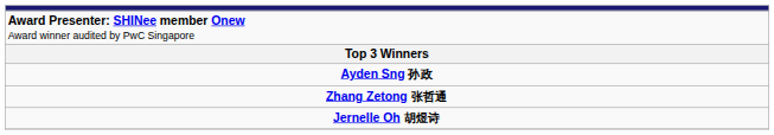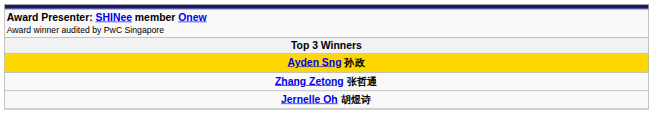 <table class="wikitable" style="width:50%">
 <tr bgcolor="#bebebe">
 <td colspan=5 data-sort-value="ω" style="background-color:#191970; font-weight:bold; text-align:center;"></td>
 </tr>
 <tr>
 <td align=left colspan=3><strong>Award Presenter: <a href='#'>SHINee</a> member <a href='#'>Onew</a></strong> <br><small> Award winner audited by PwC Singapore</small></td>
 </tr>
 <tr>
 <th width="4%">Top 3 Winners</th>
 </tr>
 <tr>
-<td align="center"><strong><a href='#'>Ayden Sng</a> 孙政</strong></td>
+<td align="center" style="background: gold;"><strong><a href='#'>Ayden Sng</a> 孙政</strong></td>
 </tr>
 <tr>
 <td align="center"><strong><a href='#'>Zhang Zetong</a> 张哲通</strong></td>
 </tr>
 <tr>
 <td align="center"><strong> <a href='#'>Jernelle Oh</a> 胡煜诗</strong></td>
 </tr>
 <tr>
 </tr>
 </table>
